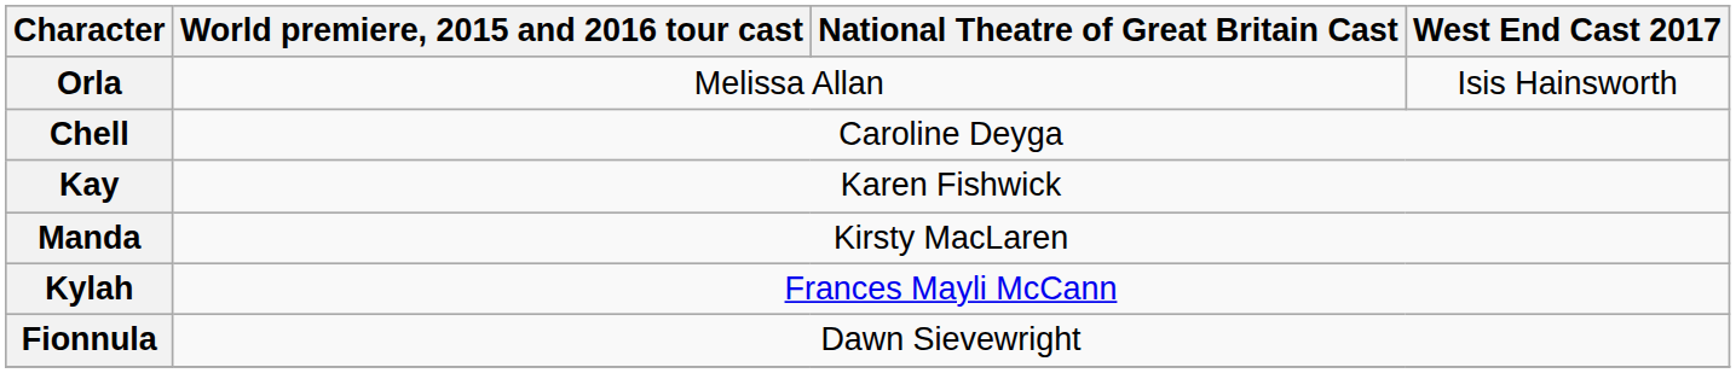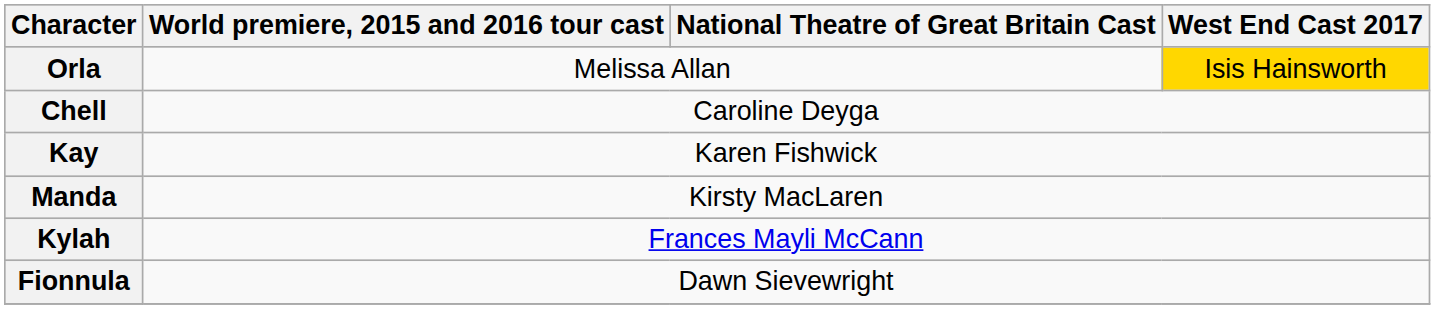 <table class="wikitable">
 <tr>
 <th scope="col">Character</th>
 <th scope="col" class="unsortable">World premiere, 2015 and 2016 tour cast</th>
 <th scope="col" class="unsortable">National Theatre of Great Britain Cast</th>
 <th scope="col" class="unsortable">West End Cast 2017</th>
 </tr>
 <tr>
 <th scope="row">Orla</th>
 <td align="center" colspan="2">Melissa Allan</td>
-<td align="center" colspan="1">Isis Hainsworth</td>
+<td align="center" colspan="1" style="background: gold;">Isis Hainsworth</td>
 </tr>
 <tr>
 <th scope="row">Chell</th>
 <td align="center" colspan="3">Caroline Deyga</td>
 </tr>
 <tr>
 <th scope="row">Kay</th>
 <td align="center" colspan="3">Karen Fishwick</td>
 </tr>
 <tr>
 <th scope="row">Manda</th>
 <td align="center" colspan="3">Kirsty MacLaren</td>
 </tr>
 <tr>
 <th scope="row">Kylah</th>
 <td align="center" colspan="3"><a href='#'>Frances Mayli McCann</a></td>
 </tr>
 <tr>
 <th scope="row">Fionnula</th>
 <td align="center" colspan="3">Dawn Sievewright</td>
 </tr>
 <tr>
 </tr>
 </table>
